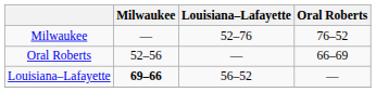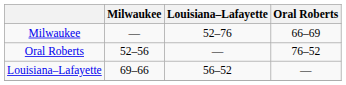 <table class="wikitable" style="text-align:center; font-size:90%;">
 <tr>
 <th></th>
 <th>Milwaukee</th>
 <th>Louisiana–Lafayette</th>
 <th>Oral Roberts</th>
 </tr>
 <tr>
 <td style="text-align:center;"><a href='#'>Milwaukee</a></td>
 <td>—</td>
 <td>52–76</td>
-<td>76–52</td>
+<td>66–69</td>
 </tr>
 <tr>
 <td style="text-align:center;"><a href='#'>Oral Roberts</a></td>
 <td>52–56</td>
 <td>—</td>
-<td>66–69</td>
+<td>76–52</td>
 </tr>
 <tr>
 <td style="text-align:center;"><a href='#'>Louisiana–Lafayette</a></td>
-<td><strong>69–66</strong></td>
+<td>69–66</td>
 <td>56–52</td>
 <td>—</td>
 </tr>
 <tr>
 </tr>
 </table>
